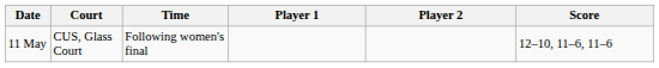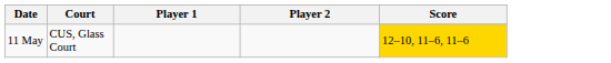 <table class="sortable wikitable" style="font-size:90%">
 <tr>
 <th width="45" class="unsortable">Date</th>
 <th width="75">Court</th>
-<th width="115">Time</th>
 <th width="150">Player 1</th>
 <th width="165">Player 2</th>
 <th width="150" class="unsortable">Score</th>
 </tr>
 <tr>
 <td>11 May</td>
 <td>CUS, Glass Court</td>
-<td>Following women's final</td>
 <td><strong></strong></td>
 <td></td>
-<td>12–10, 11–6, 11–6</td>
+<td style="background: gold;">12–10, 11–6, 11–6</td>
 </tr>
 </table>
